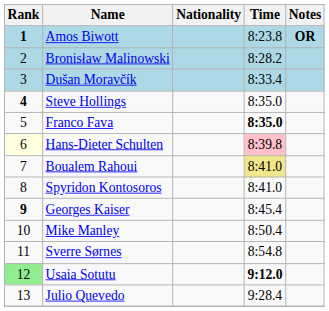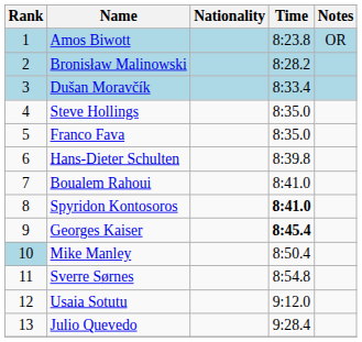 <table class="wikitable sortable" style="text-align:center">
 <tr>
 <th>Rank</th>
 <th>Name</th>
 <th>Nationality</th>
 <th>Time</th>
 <th>Notes</th>
 </tr>
 <tr bgcolor=lightblue>
-<td><strong>1</strong></td>
+<td>1</td>
 <td align=left><a href='#'>Amos Biwott</a></td>
 <td align=left></td>
 <td>8:23.8</td>
-<td><strong>OR</strong></td>
+<td>OR</td>
 </tr>
 <tr bgcolor=lightblue>
 <td>2</td>
 <td align=left><a href='#'>Bronisław Malinowski</a></td>
 <td align=left></td>
 <td>8:28.2</td>
 <td></td>
 </tr>
 <tr bgcolor=lightblue>
 <td>3</td>
 <td align=left><a href='#'>Dušan Moravčík</a></td>
 <td align=left></td>
 <td>8:33.4</td>
 <td></td>
 </tr>
 <tr>
-<td><strong>4</strong></td>
+<td>4</td>
 <td align=left><a href='#'>Steve Hollings</a></td>
 <td align=left></td>
 <td>8:35.0</td>
 <td></td>
 </tr>
 <tr>
 <td>5</td>
 <td align=left><a href='#'>Franco Fava</a></td>
 <td align=left></td>
-<td><strong>8:35.0</strong></td>
+<td>8:35.0</td>
 <td></td>
 </tr>
 <tr>
-<td style="background: lightyellow;">6</td>
+<td>6</td>
 <td align=left><a href='#'>Hans-Dieter Schulten</a></td>
 <td align=left></td>
-<td style="background: pink;">8:39.8</td>
+<td>8:39.8</td>
 <td></td>
 </tr>
 <tr>
 <td>7</td>
 <td align=left><a href='#'>Boualem Rahoui</a></td>
 <td align=left></td>
-<td style="background: khaki;">8:41.0</td>
+<td>8:41.0</td>
 <td></td>
 </tr>
 <tr>
 <td>8</td>
 <td align=left><a href='#'>Spyridon Kontosoros</a></td>
 <td align=left></td>
-<td>8:41.0</td>
+<td><strong>8:41.0</strong></td>
 <td></td>
 </tr>
 <tr>
-<td><strong>9</strong></td>
+<td>9</td>
 <td align=left><a href='#'>Georges Kaiser</a></td>
 <td align=left></td>
-<td>8:45.4</td>
+<td><strong>8:45.4</strong></td>
 <td></td>
 </tr>
 <tr>
-<td>10</td>
+<td style="background: lightblue;">10</td>
 <td align=left><a href='#'>Mike Manley</a></td>
 <td align=left></td>
 <td>8:50.4</td>
 <td></td>
 </tr>
 <tr>
 <td>11</td>
 <td align=left><a href='#'>Sverre Sørnes</a></td>
 <td align=left></td>
 <td>8:54.8</td>
 <td></td>
 </tr>
 <tr>
-<td style="background: lightgreen;">12</td>
+<td>12</td>
 <td align=left><a href='#'>Usaia Sotutu</a></td>
 <td align=left></td>
-<td><strong>9:12.0</strong></td>
+<td>9:12.0</td>
 <td></td>
 </tr>
 <tr>
 <td>13</td>
 <td align=left><a href='#'>Julio Quevedo</a></td>
 <td align=left></td>
 <td>9:28.4</td>
 <td></td>
 </tr>
 <tr>
 </tr>
 </table>
